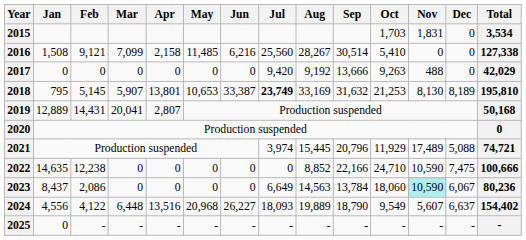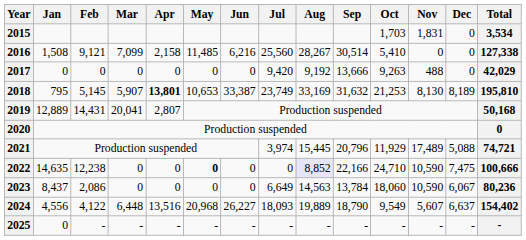 <table class=wikitable style="text-align:right; font-size:0.9em;">
 <tr>
 <th>Year</th>
 <th>Jan</th>
 <th>Feb</th>
 <th>Mar</th>
 <th>Apr</th>
 <th>May</th>
 <th>Jun</th>
 <th>Jul</th>
 <th>Aug</th>
 <th>Sep</th>
 <th>Oct</th>
 <th>Nov</th>
 <th>Dec</th>
 <th>Total</th>
 </tr>
 <tr>
 <th>2015</th>
 <td></td>
 <td></td>
 <td></td>
 <td></td>
 <td></td>
 <td></td>
 <td></td>
 <td></td>
 <td></td>
 <td>1,703</td>
 <td>1,831</td>
 <td>0</td>
 <th>3,534</th>
 </tr>
 <tr>
 <th>2016</th>
 <td>1,508</td>
 <td>9,121</td>
 <td>7,099</td>
 <td>2,158</td>
 <td>11,485</td>
 <td>6,216</td>
 <td>25,560</td>
 <td>28,267</td>
 <td>30,514</td>
 <td>5,410</td>
 <td>0</td>
 <td>0</td>
 <th>127,338</th>
 </tr>
 <tr>
 <th>2017</th>
 <td>0</td>
 <td>0</td>
 <td>0</td>
 <td>0</td>
 <td>0</td>
 <td>0</td>
 <td>9,420</td>
 <td>9,192</td>
 <td>13,666</td>
 <td>9,263</td>
 <td>488</td>
 <td>0</td>
 <th>42,029</th>
 </tr>
 <tr>
 <th>2018</th>
 <td>795</td>
 <td>5,145</td>
 <td>5,907</td>
-<td>13,801</td>
+<td><strong>13,801</strong></td>
 <td>10,653</td>
 <td>33,387</td>
-<td><strong>23,749</strong></td>
+<td>23,749</td>
 <td>33,169</td>
 <td>31,632</td>
 <td>21,253</td>
 <td>8,130</td>
 <td>8,189</td>
 <th>195,810</th>
 </tr>
 <tr>
 <th>2019</th>
 <td>12,889</td>
 <td>14,431</td>
 <td>20,041</td>
 <td>2,807</td>
 <td colspan=8 style="text-align:center">Production suspended</td>
 <th>50,168</th>
 </tr>
 <tr>
 <th>2020</th>
 <td colspan=12 style="text-align:center">Production suspended</td>
 <th>0</th>
 </tr>
 <tr>
 <th>2021</th>
 <td colspan="6" style="text-align:center">Production suspended</td>
 <td>3,974</td>
 <td>15,445</td>
 <td>20,796</td>
 <td>11,929</td>
 <td>17,489</td>
 <td>5,088</td>
 <th>74,721</th>
 </tr>
 <tr>
 <th>2022</th>
 <td>14,635</td>
 <td>12,238</td>
 <td>0</td>
 <td>0</td>
+<td><strong>0</strong></td>
 <td>0</td>
 <td>0</td>
-<td>0</td>
-<td>8,852</td>
+<td style="background: lavender;">8,852</td>
 <td>22,166</td>
 <td>24,710</td>
 <td>10,590</td>
 <td>7,475</td>
 <th>100,666</th>
 </tr>
 <tr>
 <th>2023</th>
 <td>8,437</td>
 <td>2,086</td>
 <td>0</td>
 <td>0</td>
 <td>0</td>
 <td>0</td>
 <td>6,649</td>
 <td>14,563</td>
 <td>13,784</td>
 <td>18,060</td>
-<td style="background: paleturquoise;">10,590</td>
+<td>10,590</td>
 <td>6,067</td>
 <th>80,236</th>
 </tr>
 <tr>
 <th>2024</th>
 <td>4,556</td>
 <td>4,122</td>
 <td>6,448</td>
 <td>13,516</td>
 <td>20,968</td>
 <td>26,227</td>
 <td>18,093</td>
 <td>19,889</td>
 <td>18,790</td>
 <td>9,549</td>
 <td>5,607</td>
 <td>6,637</td>
 <th>154,402</th>
 </tr>
 <tr>
 <th>2025</th>
 <td>0</td>
 <td>-</td>
 <td>-</td>
 <td>-</td>
 <td>-</td>
 <td>-</td>
 <td>-</td>
 <td>-</td>
 <td>-</td>
 <td>-</td>
 <td>-</td>
 <td>-</td>
 <th>-</th>
 </tr>
 </table>
